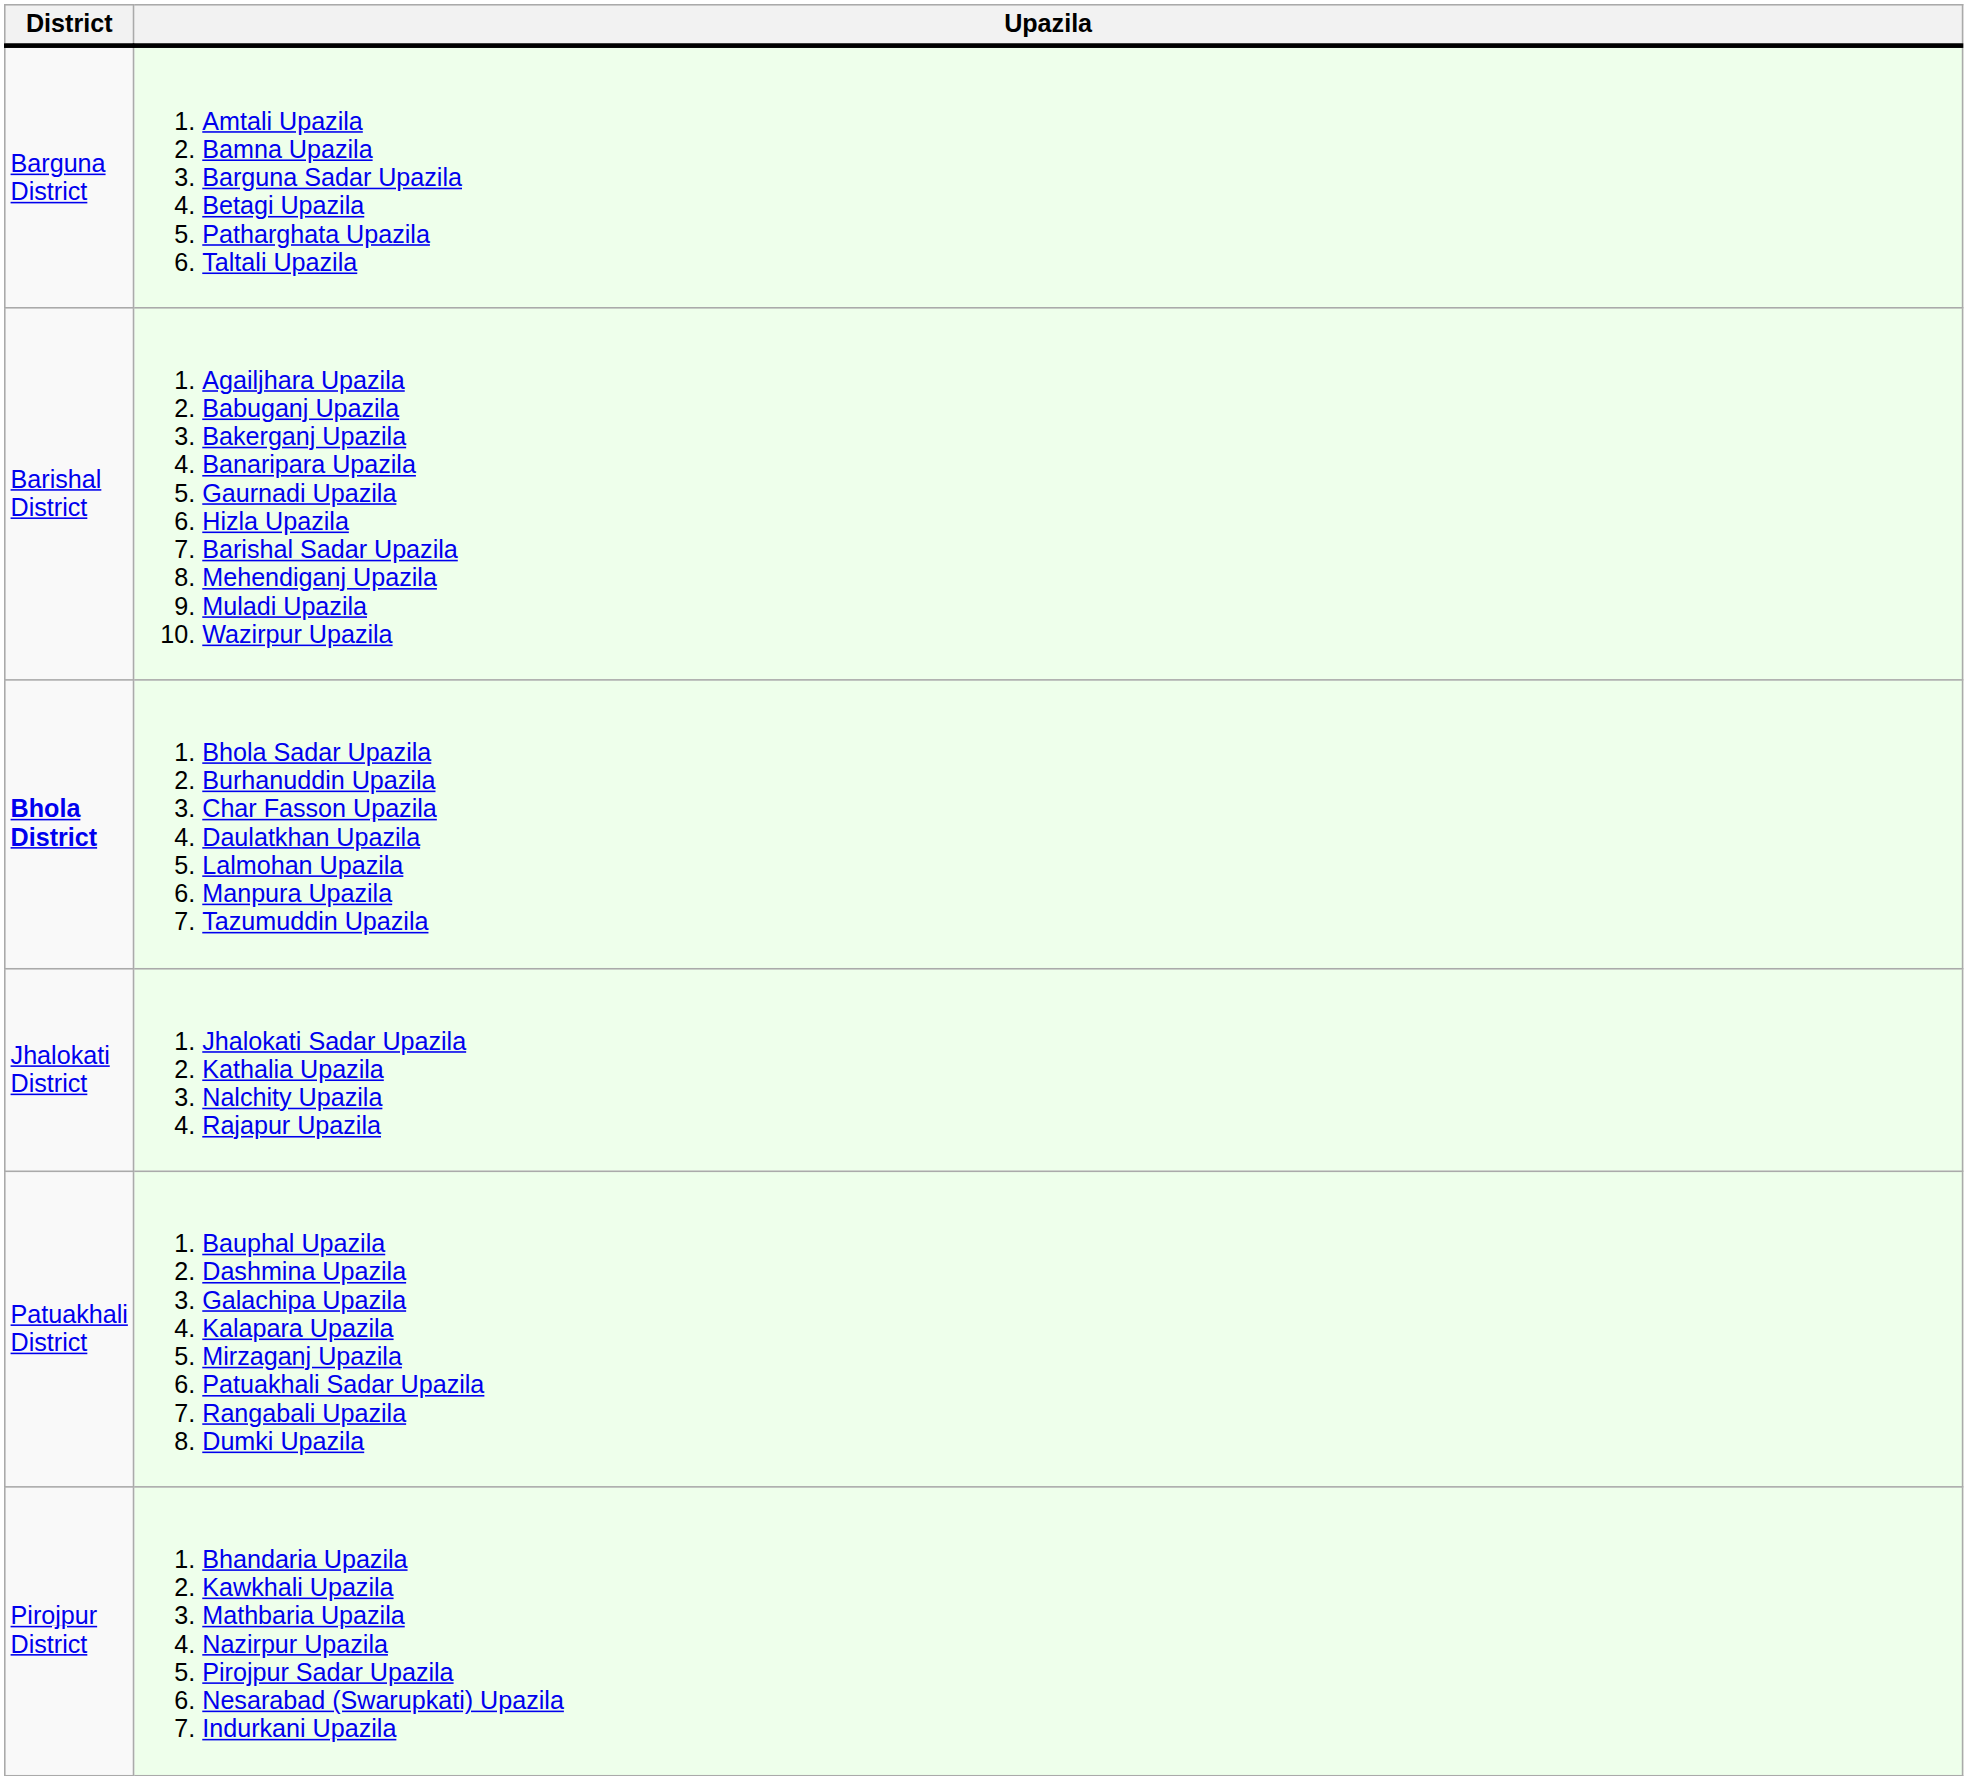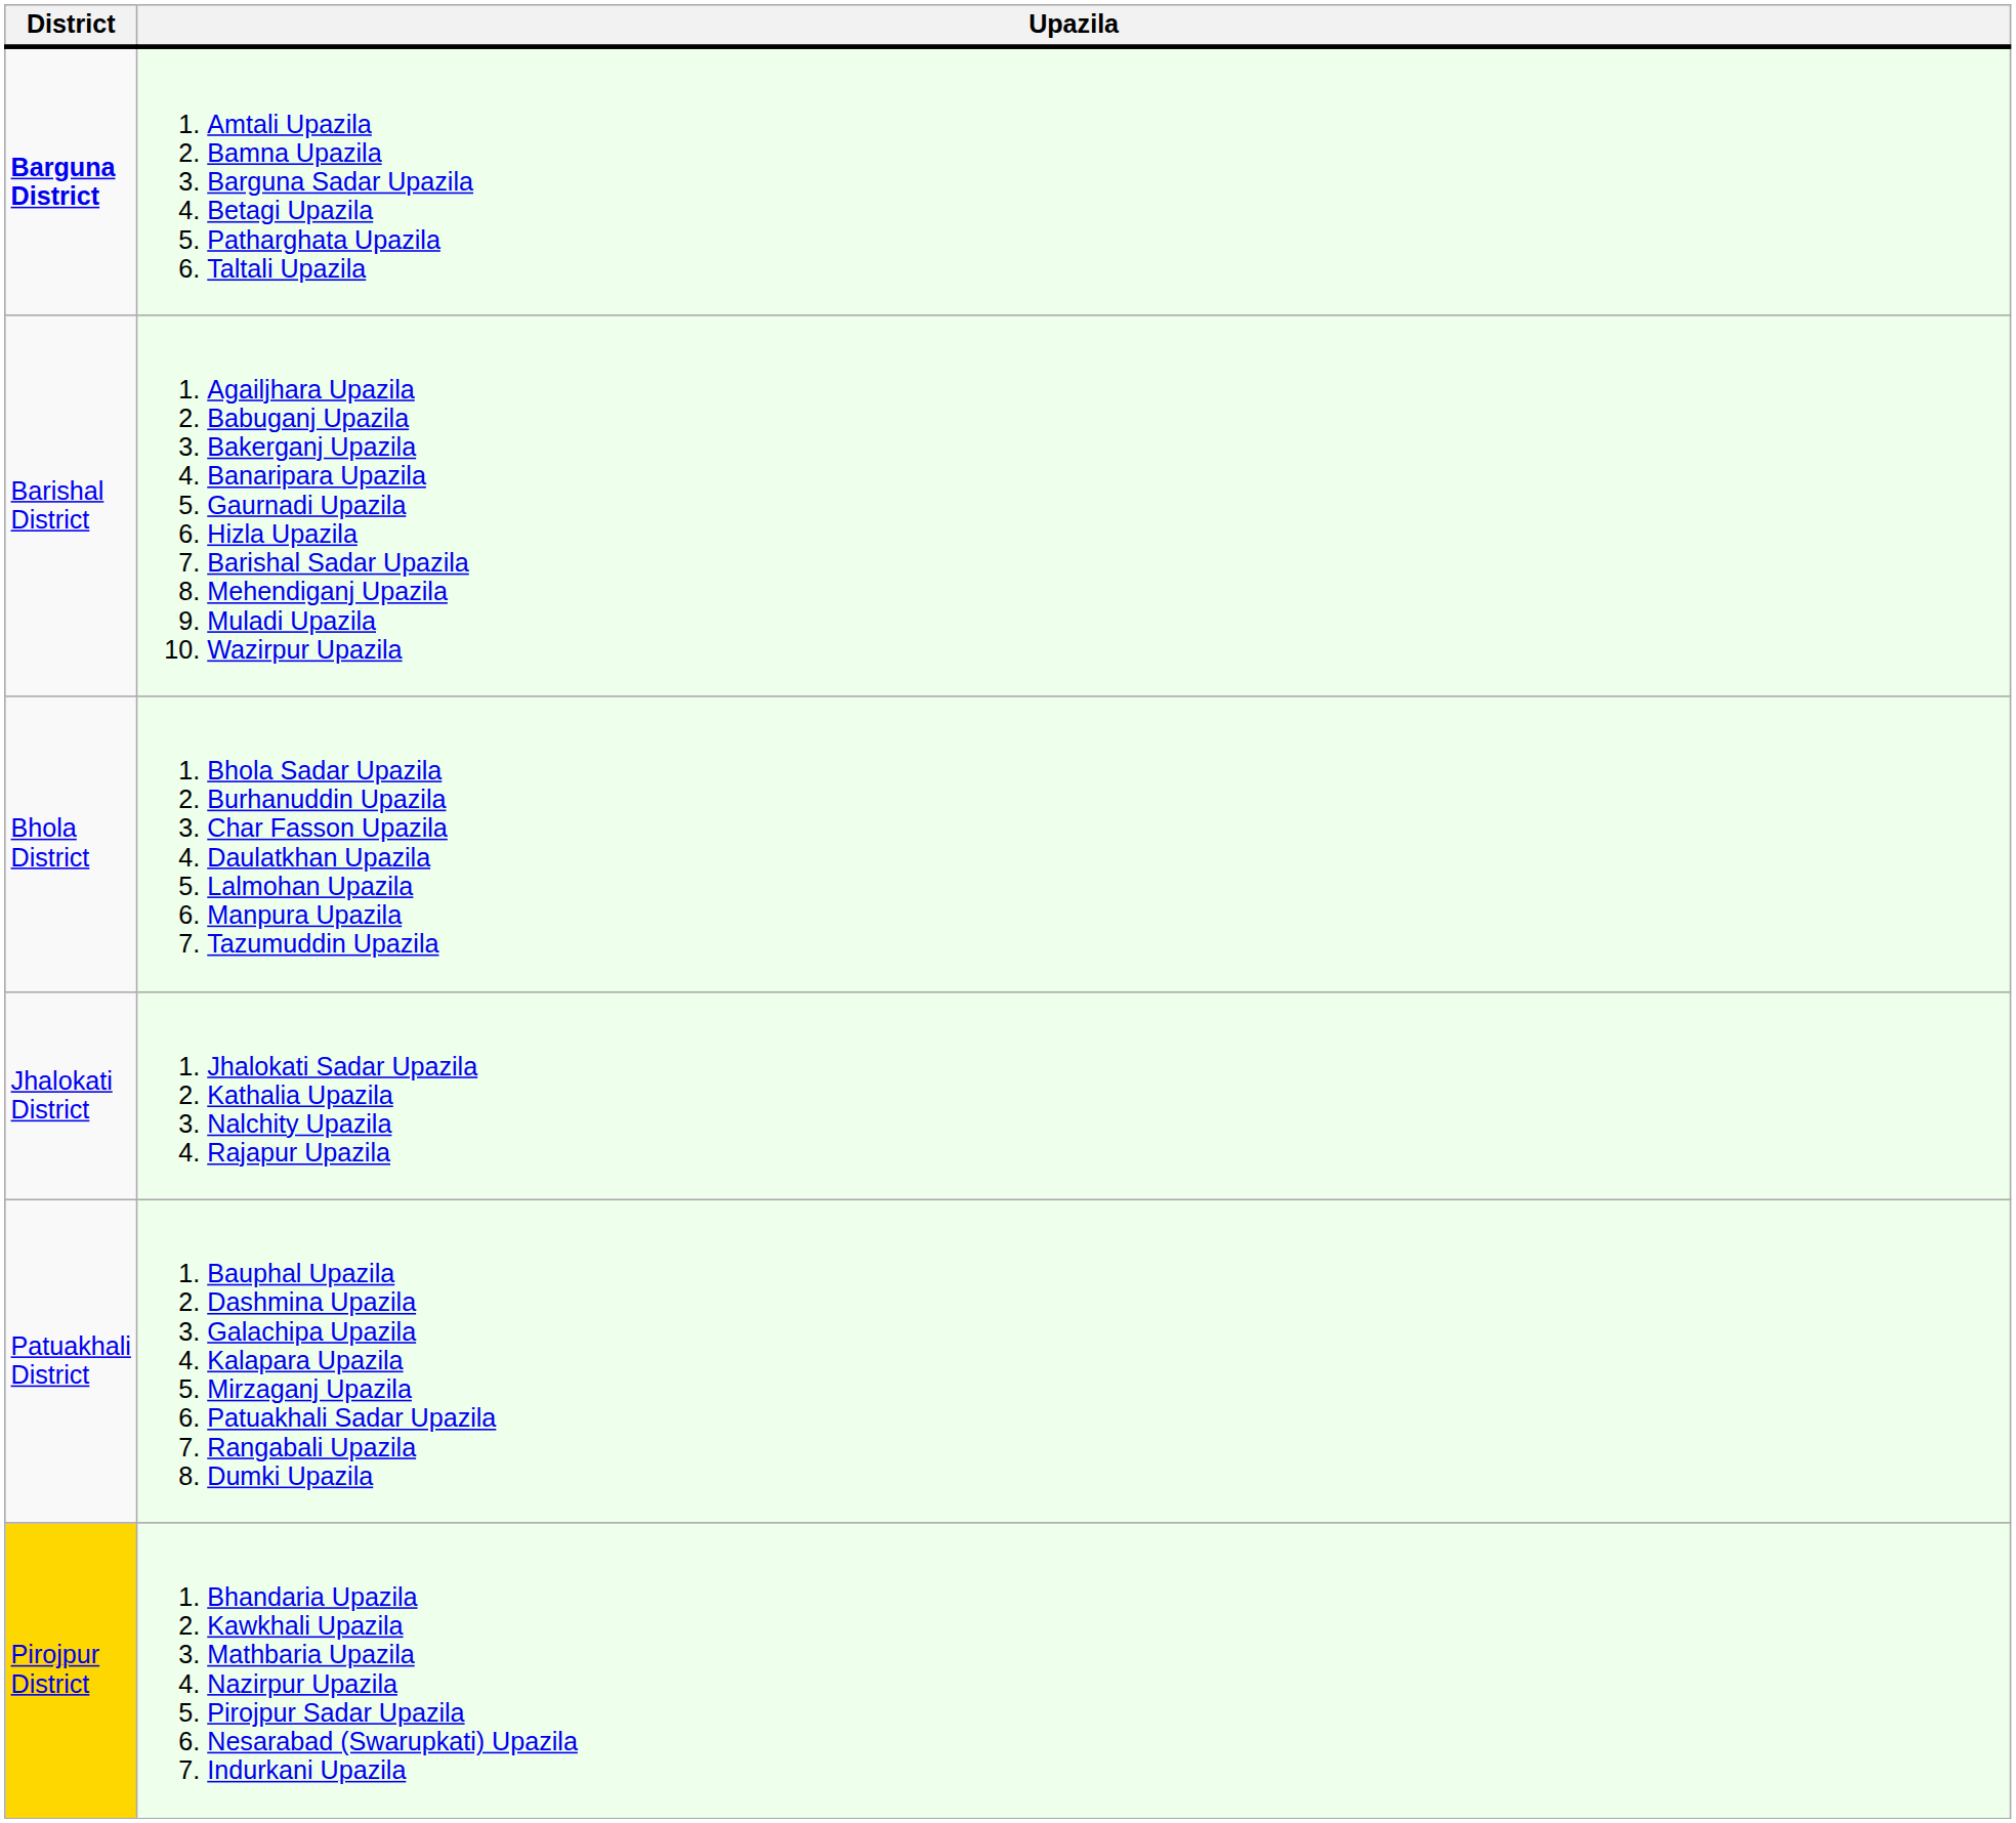 <table class="wikitable">
 <tr>
 <th>District</th>
 <th colspan="7" width="100%">Upazila</th>
 </tr>
 <tr style="border-top: 3px solid black">
-<td rowspan="1"><a href='#'>Barguna District</a></td>
+<td rowspan="1"><strong><a href='#'>Barguna District</a></strong></td>
 <td colspan="2" style="background: #eeffeb"><br><ol><li><a href='#'>Amtali Upazila</a></li><li><a href='#'>Bamna Upazila</a></li><li><a href='#'>Barguna Sadar Upazila</a></li><li><a href='#'>Betagi Upazila</a></li><li><a href='#'>Patharghata Upazila</a></li><li><a href='#'>Taltali Upazila</a></li></ol></td>
 </tr>
 <tr>
 <td rowspan="1"><a href='#'>Barishal District</a></td>
 <td colspan="2" style="background: #eeffeb"><br><ol><li><a href='#'>Agailjhara Upazila</a></li><li><a href='#'>Babuganj Upazila</a></li><li><a href='#'>Bakerganj Upazila</a></li><li><a href='#'>Banaripara Upazila</a></li><li><a href='#'>Gaurnadi Upazila</a></li><li><a href='#'>Hizla Upazila</a></li><li><a href='#'>Barishal Sadar Upazila</a></li><li><a href='#'>Mehendiganj Upazila</a></li><li><a href='#'>Muladi Upazila</a></li><li><a href='#'>Wazirpur Upazila</a></li></ol></td>
 </tr>
 <tr>
-<td rowspan="1"><strong><a href='#'>Bhola District</a></strong></td>
+<td rowspan="1"><a href='#'>Bhola District</a></td>
 <td colspan="2" style="background: #eeffeb"><br><ol><li><a href='#'>Bhola Sadar Upazila</a></li><li><a href='#'>Burhanuddin Upazila</a></li><li><a href='#'>Char Fasson Upazila</a></li><li><a href='#'>Daulatkhan Upazila</a></li><li><a href='#'>Lalmohan Upazila</a></li><li><a href='#'>Manpura Upazila</a></li><li><a href='#'>Tazumuddin Upazila</a></li></ol></td>
 </tr>
 <tr>
 <td rowspan="1"><a href='#'>Jhalokati District</a></td>
 <td colspan="2" style="background: #eeffeb"><br><ol><li><a href='#'>Jhalokati Sadar Upazila</a></li><li><a href='#'>Kathalia Upazila</a></li><li><a href='#'>Nalchity Upazila</a></li><li><a href='#'>Rajapur Upazila</a></li></ol></td>
 </tr>
 <tr>
 <td rowspan="1"><a href='#'>Patuakhali District</a></td>
 <td colspan="2" style="background: #eeffeb"><br><ol><li><a href='#'>Bauphal Upazila</a></li><li><a href='#'>Dashmina Upazila</a></li><li><a href='#'>Galachipa Upazila</a></li><li><a href='#'>Kalapara Upazila</a></li><li><a href='#'>Mirzaganj Upazila</a></li><li><a href='#'>Patuakhali Sadar Upazila</a></li><li><a href='#'>Rangabali Upazila</a></li><li><a href='#'>Dumki Upazila</a></li></ol></td>
 </tr>
 <tr>
-<td rowspan="1"><a href='#'>Pirojpur District</a></td>
+<td rowspan="1" style="background: gold;"><a href='#'>Pirojpur District</a></td>
 <td colspan="2" style="background: #eeffeb"><br><ol><li><a href='#'>Bhandaria Upazila</a></li><li><a href='#'>Kawkhali Upazila</a></li><li><a href='#'>Mathbaria Upazila</a></li><li><a href='#'>Nazirpur Upazila</a></li><li><a href='#'>Pirojpur Sadar Upazila</a></li><li><a href='#'>Nesarabad (Swarupkati) Upazila</a></li><li><a href='#'>Indurkani Upazila</a></li></ol></td>
 </tr>
 </table>
